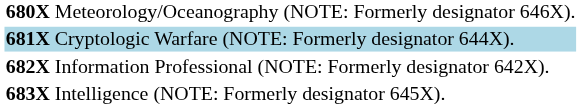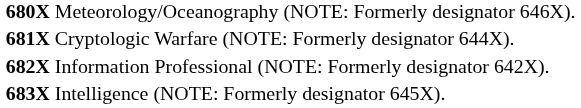 <table>
 <tr>
 <td><strong>680X</strong> Meteorology/Oceanography (NOTE: Formerly designator 646X).</td>
 </tr>
 <tr>
-<td style="background: lightblue;"><strong>681X</strong> Cryptologic Warfare (NOTE: Formerly designator 644X).</td>
+<td><strong>681X</strong> Cryptologic Warfare (NOTE: Formerly designator 644X).</td>
 </tr>
 <tr>
 <td><strong>682X</strong> Information Professional (NOTE: Formerly designator 642X).</td>
 </tr>
 <tr>
 <td><strong>683X</strong> Intelligence (NOTE: Formerly designator 645X).</td>
 </tr>
 </table>
